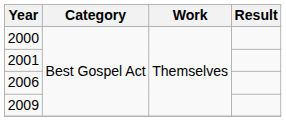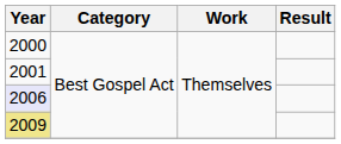 <table class="wikitable">
 <tr>
 <th>Year</th>
 <th>Category</th>
 <th>Work</th>
 <th>Result</th>
 </tr>
 <tr>
 <td>2000</td>
 <td rowspan="4">Best Gospel Act</td>
 <td rowspan="4">Themselves</td>
 <td></td>
 </tr>
 <tr>
 <td>2001</td>
 <td></td>
 </tr>
 <tr>
-<td>2006</td>
+<td style="background: lavender;">2006</td>
 <td></td>
 </tr>
 <tr>
-<td>2009</td>
+<td style="background: khaki;">2009</td>
 <td></td>
 </tr>
 <tr>
 </tr>
 </table>
